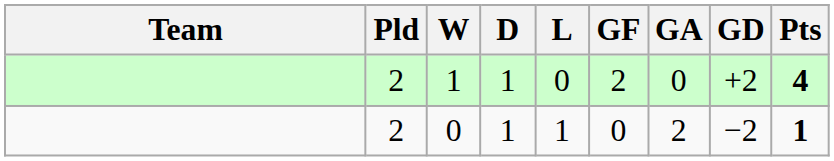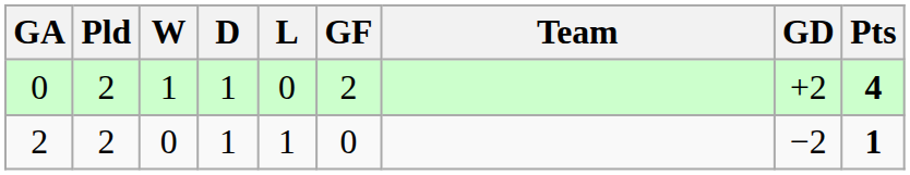 <table class="wikitable" style="text-align:center;">
 <tr>
-<th width=175>Team</th>
+<th width=20 abbr="Goals against">GA</th>
 <th width=20 abbr="Played">Pld</th>
 <th width=20 abbr="Won">W</th>
 <th width=20 abbr="Drawn">D</th>
 <th width=20 abbr="Lost">L</th>
 <th width=20 abbr="Goals for">GF</th>
-<th width=20 abbr="Goals against">GA</th>
+<th width=175>Team</th>
 <th width=20 abbr="Goal difference">GD</th>
 <th width=20 abbr="Points">Pts</th>
 </tr>
 <tr bgcolor=#ccffcc>
-<td align=left></td>
+<td>0</td>
 <td>2</td>
 <td>1</td>
 <td>1</td>
 <td>0</td>
 <td>2</td>
-<td>0</td>
+<td align=left></td>
 <td>+2</td>
 <td><strong>4</strong></td>
 </tr>
 <tr>
-<td align=left></td>
+<td>2</td>
 <td>2</td>
 <td>0</td>
 <td>1</td>
 <td>1</td>
 <td>0</td>
-<td>2</td>
+<td align=left></td>
 <td>−2</td>
 <td><strong>1</strong></td>
 </tr>
 </table>
